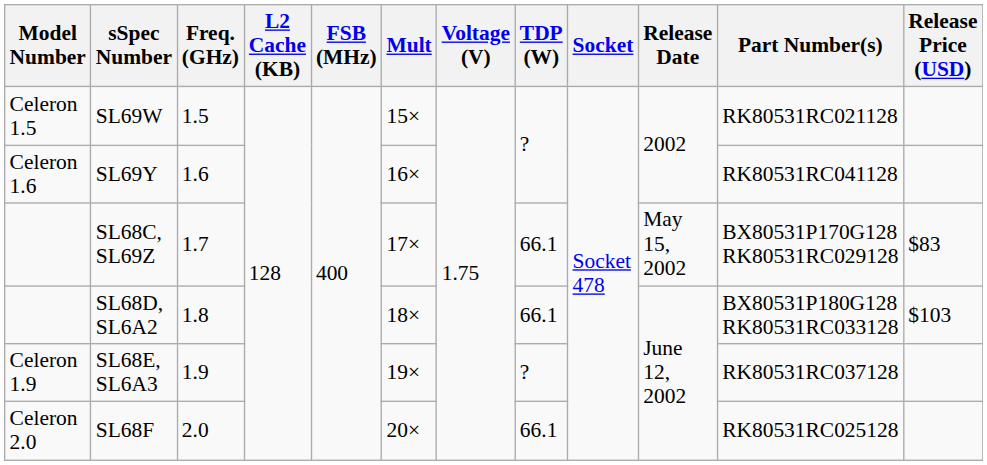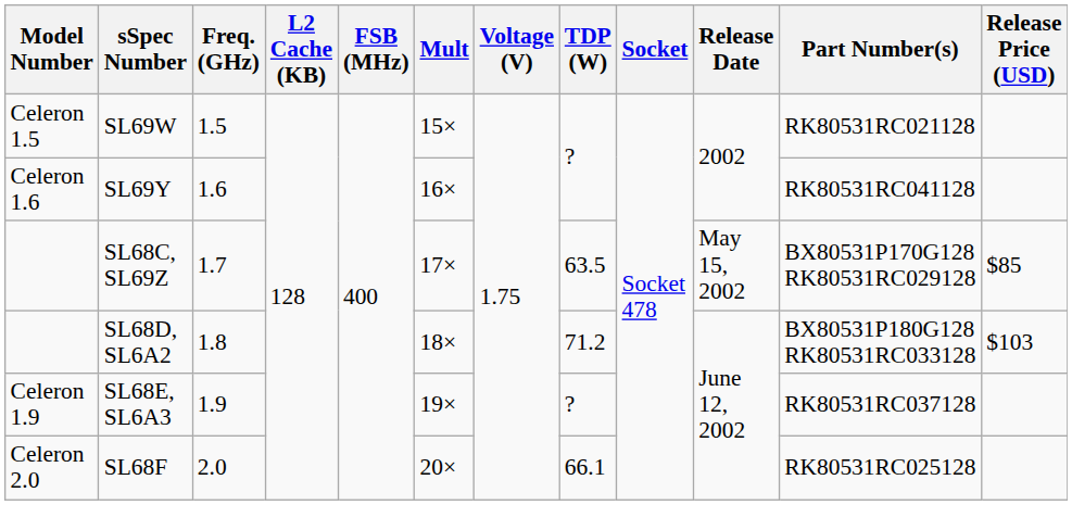 <table class="wikitable">
 <tr>
 <th>Model Number</th>
 <th>sSpec Number</th>
 <th>Freq.<br>(GHz)</th>
 <th><a href='#'>L2</a><br><a href='#'>Cache</a> (KB)</th>
 <th><a href='#'>FSB</a><br>(MHz)</th>
 <th><a href='#'>Mult</a></th>
 <th><a href='#'>Voltage</a><br>(V)</th>
 <th><a href='#'>TDP</a><br>(W)</th>
 <th><a href='#'>Socket</a></th>
 <th>Release<br>Date</th>
 <th>Part Number(s)</th>
 <th>Release<br>Price<br>(<a href='#'>USD</a>)</th>
 </tr>
 <tr>
 <td>Celeron 1.5</td>
 <td>SL69W</td>
 <td>1.5</td>
 <td rowspan="6">128</td>
 <td rowspan="6">400</td>
 <td>15×</td>
 <td rowspan="6">1.75</td>
 <td rowspan="2">?</td>
 <td rowspan="6"><a href='#'>Socket 478</a></td>
 <td rowspan="2">2002</td>
 <td>RK80531RC021128</td>
 <td></td>
 </tr>
 <tr>
 <td>Celeron 1.6</td>
 <td>SL69Y</td>
 <td>1.6</td>
 <td>16×</td>
 <td>RK80531RC041128</td>
 <td></td>
 </tr>
 <tr>
 <td></td>
 <td>SL68C, SL69Z</td>
 <td>1.7</td>
 <td>17×</td>
-<td>66.1</td>
+<td>63.5</td>
 <td>May 15, 2002</td>
 <td>BX80531P170G128<br>RK80531RC029128</td>
-<td>$83</td>
+<td>$85</td>
 </tr>
 <tr>
 <td></td>
 <td>SL68D, SL6A2</td>
 <td>1.8</td>
 <td>18×</td>
-<td>66.1</td>
+<td>71.2</td>
 <td rowspan="3">June 12, 2002</td>
 <td>BX80531P180G128<br>RK80531RC033128</td>
 <td>$103</td>
 </tr>
 <tr>
 <td>Celeron 1.9</td>
 <td>SL68E, SL6A3</td>
 <td>1.9</td>
 <td>19×</td>
 <td>?</td>
 <td>RK80531RC037128</td>
 <td></td>
 </tr>
 <tr>
 <td>Celeron 2.0</td>
 <td>SL68F</td>
 <td>2.0</td>
 <td>20×</td>
 <td>66.1</td>
 <td>RK80531RC025128</td>
 <td></td>
 </tr>
 </table>
